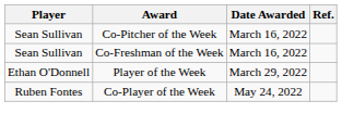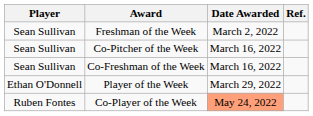 <table class="wikitable sortable sortable" style="text-align: center">
 <tr align=center>
 <th>Player</th>
 <th>Award</th>
 <th>Date Awarded</th>
 <th>Ref.</th>
+</tr>
+<tr>
+<td>Sean Sullivan</td>
+<td rowspan="1">Freshman of the Week</td>
+<td rowspan="1">March 2, 2022</td>
+<td rowspan="1"></td>
 </tr>
 <tr>
 <td>Sean Sullivan</td>
 <td rowspan="1">Co-Pitcher of the Week</td>
 <td rowspan="1">March 16, 2022</td>
 <td rowspan="1"></td>
 </tr>
 <tr>
 <td>Sean Sullivan</td>
 <td rowspan="1">Co-Freshman of the Week</td>
 <td rowspan="1">March 16, 2022</td>
 <td rowspan="1"></td>
 </tr>
 <tr>
 <td>Ethan O'Donnell</td>
 <td rowspan="1">Player of the Week</td>
 <td rowspan="1">March 29, 2022</td>
 <td rowspan="1"></td>
 </tr>
 <tr>
 <td>Ruben Fontes</td>
 <td rowspan="1">Co-Player of the Week</td>
-<td rowspan="1">May 24, 2022</td>
+<td rowspan="1" style="background: lightsalmon;">May 24, 2022</td>
 <td rowspan="1"></td>
 </tr>
 </table>
